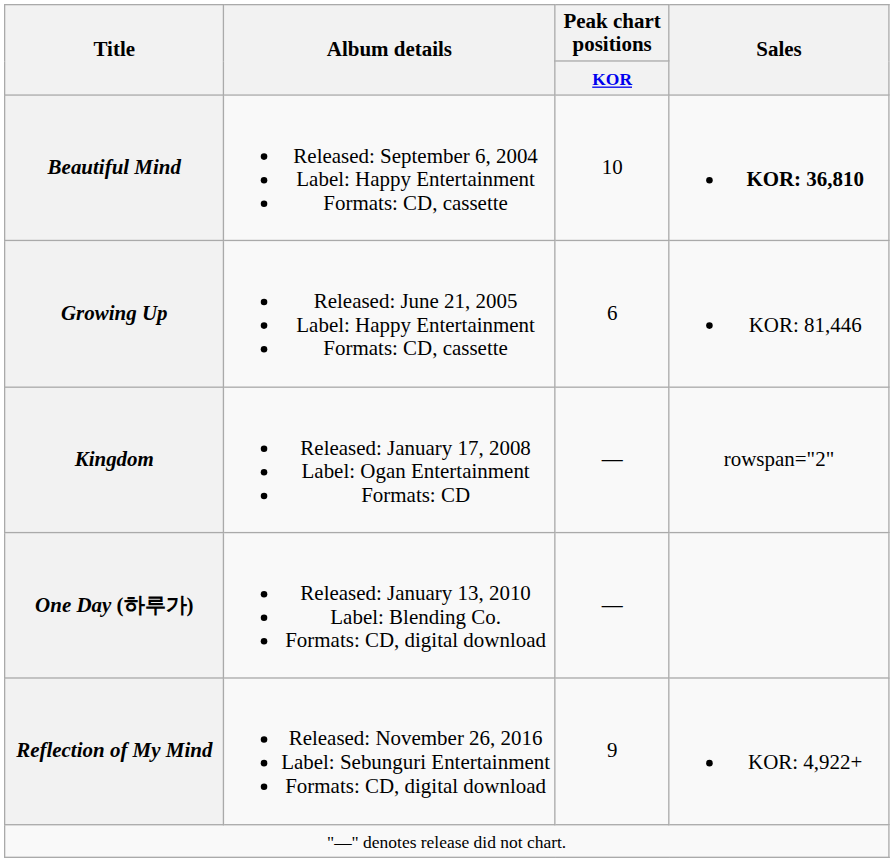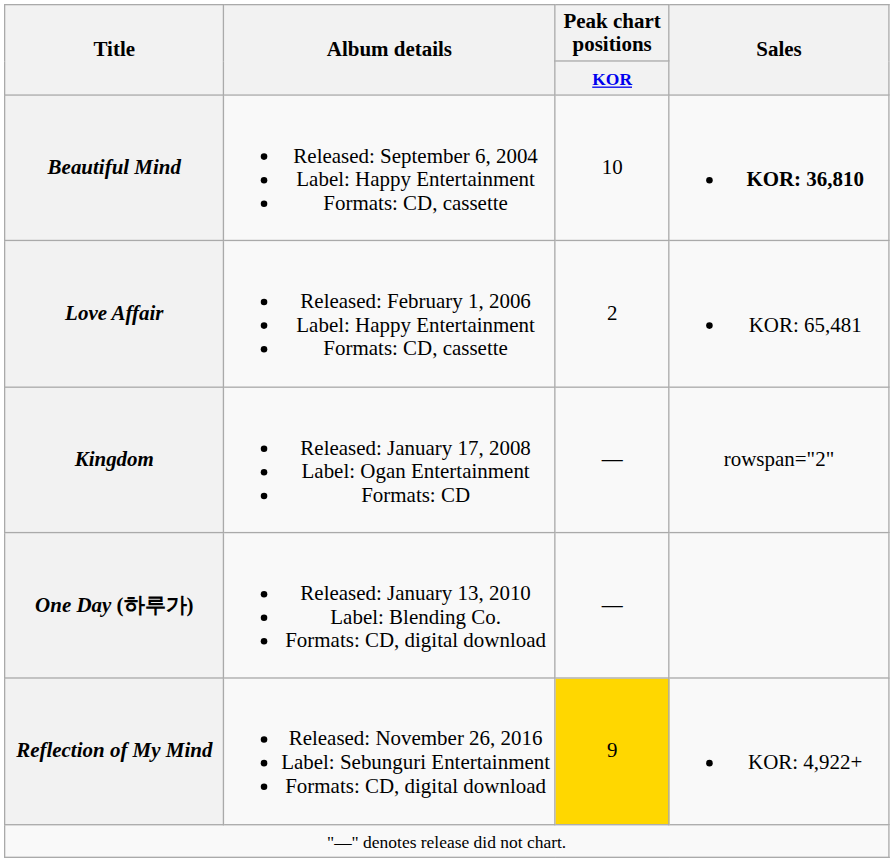 <table class="wikitable plainrowheaders" style="text-align:center;">
 <tr>
 <th scope="col" rowspan="2" style="width:10em;">Title</th>
 <th scope="col" rowspan="2">Album details</th>
 <th scope="col" colspan="1" style="width:5em;">Peak chart positions</th>
 <th scope="col" rowspan="2" style="width:10em;">Sales</th>
 </tr>
 <tr>
 <th><small><a href='#'>KOR</a></small><br></th>
 </tr>
 <tr>
 <th scope="row"><em>Beautiful Mind</em></th>
 <td><br><ul><li>Released: September 6, 2004</li><li>Label: Happy Entertainment</li><li>Formats: CD, cassette</li></ul></td>
 <td>10</td>
 <td><strong><br><ul><li>KOR: 36,810</li></ul></strong></td>
 </tr>
 <tr>
-<th scope="row"><em>Growing Up</em></th>
-<td><br><ul><li>Released: June 21, 2005</li><li>Label: Happy Entertainment</li><li>Formats: CD, cassette</li></ul></td>
-<td>6</td>
-<td><br><ul><li>KOR: 81,446</li></ul></td>
+<th scope="row"><em>Love Affair</em></th>
+<td><br><ul><li>Released: February 1, 2006</li><li>Label: Happy Entertainment</li><li>Formats: CD, cassette</li></ul></td>
+<td>2</td>
+<td><br><ul><li>KOR: 65,481</li></ul></td>
 </tr>
 <tr>
 <th scope="row"><em>Kingdom</em></th>
 <td><br><ul><li>Released: January 17, 2008</li><li>Label: Ogan Entertainment</li><li>Formats: CD</li></ul></td>
 <td>—</td>
 <td>rowspan="2" </td>
 </tr>
 <tr>
 <th scope="row"><em>One Day</em> (하루가)</th>
 <td><br><ul><li>Released: January 13, 2010</li><li>Label: Blending Co.</li><li>Formats: CD, digital download</li></ul></td>
 <td>—</td>
 </tr>
 <tr>
 <th scope="row"><em>Reflection of My Mind</em></th>
 <td><br><ul><li>Released: November 26, 2016</li><li>Label: Sebunguri Entertainment</li><li>Formats: CD, digital download</li></ul></td>
-<td>9</td>
+<td style="background: gold;">9</td>
 <td><br><ul><li>KOR: 4,922+</li></ul></td>
 </tr>
 <tr>
 <td colspan="4" align="center"><small>"—" denotes release did not chart.</small></td>
 </tr>
 <tr>
 </tr>
 </table>
